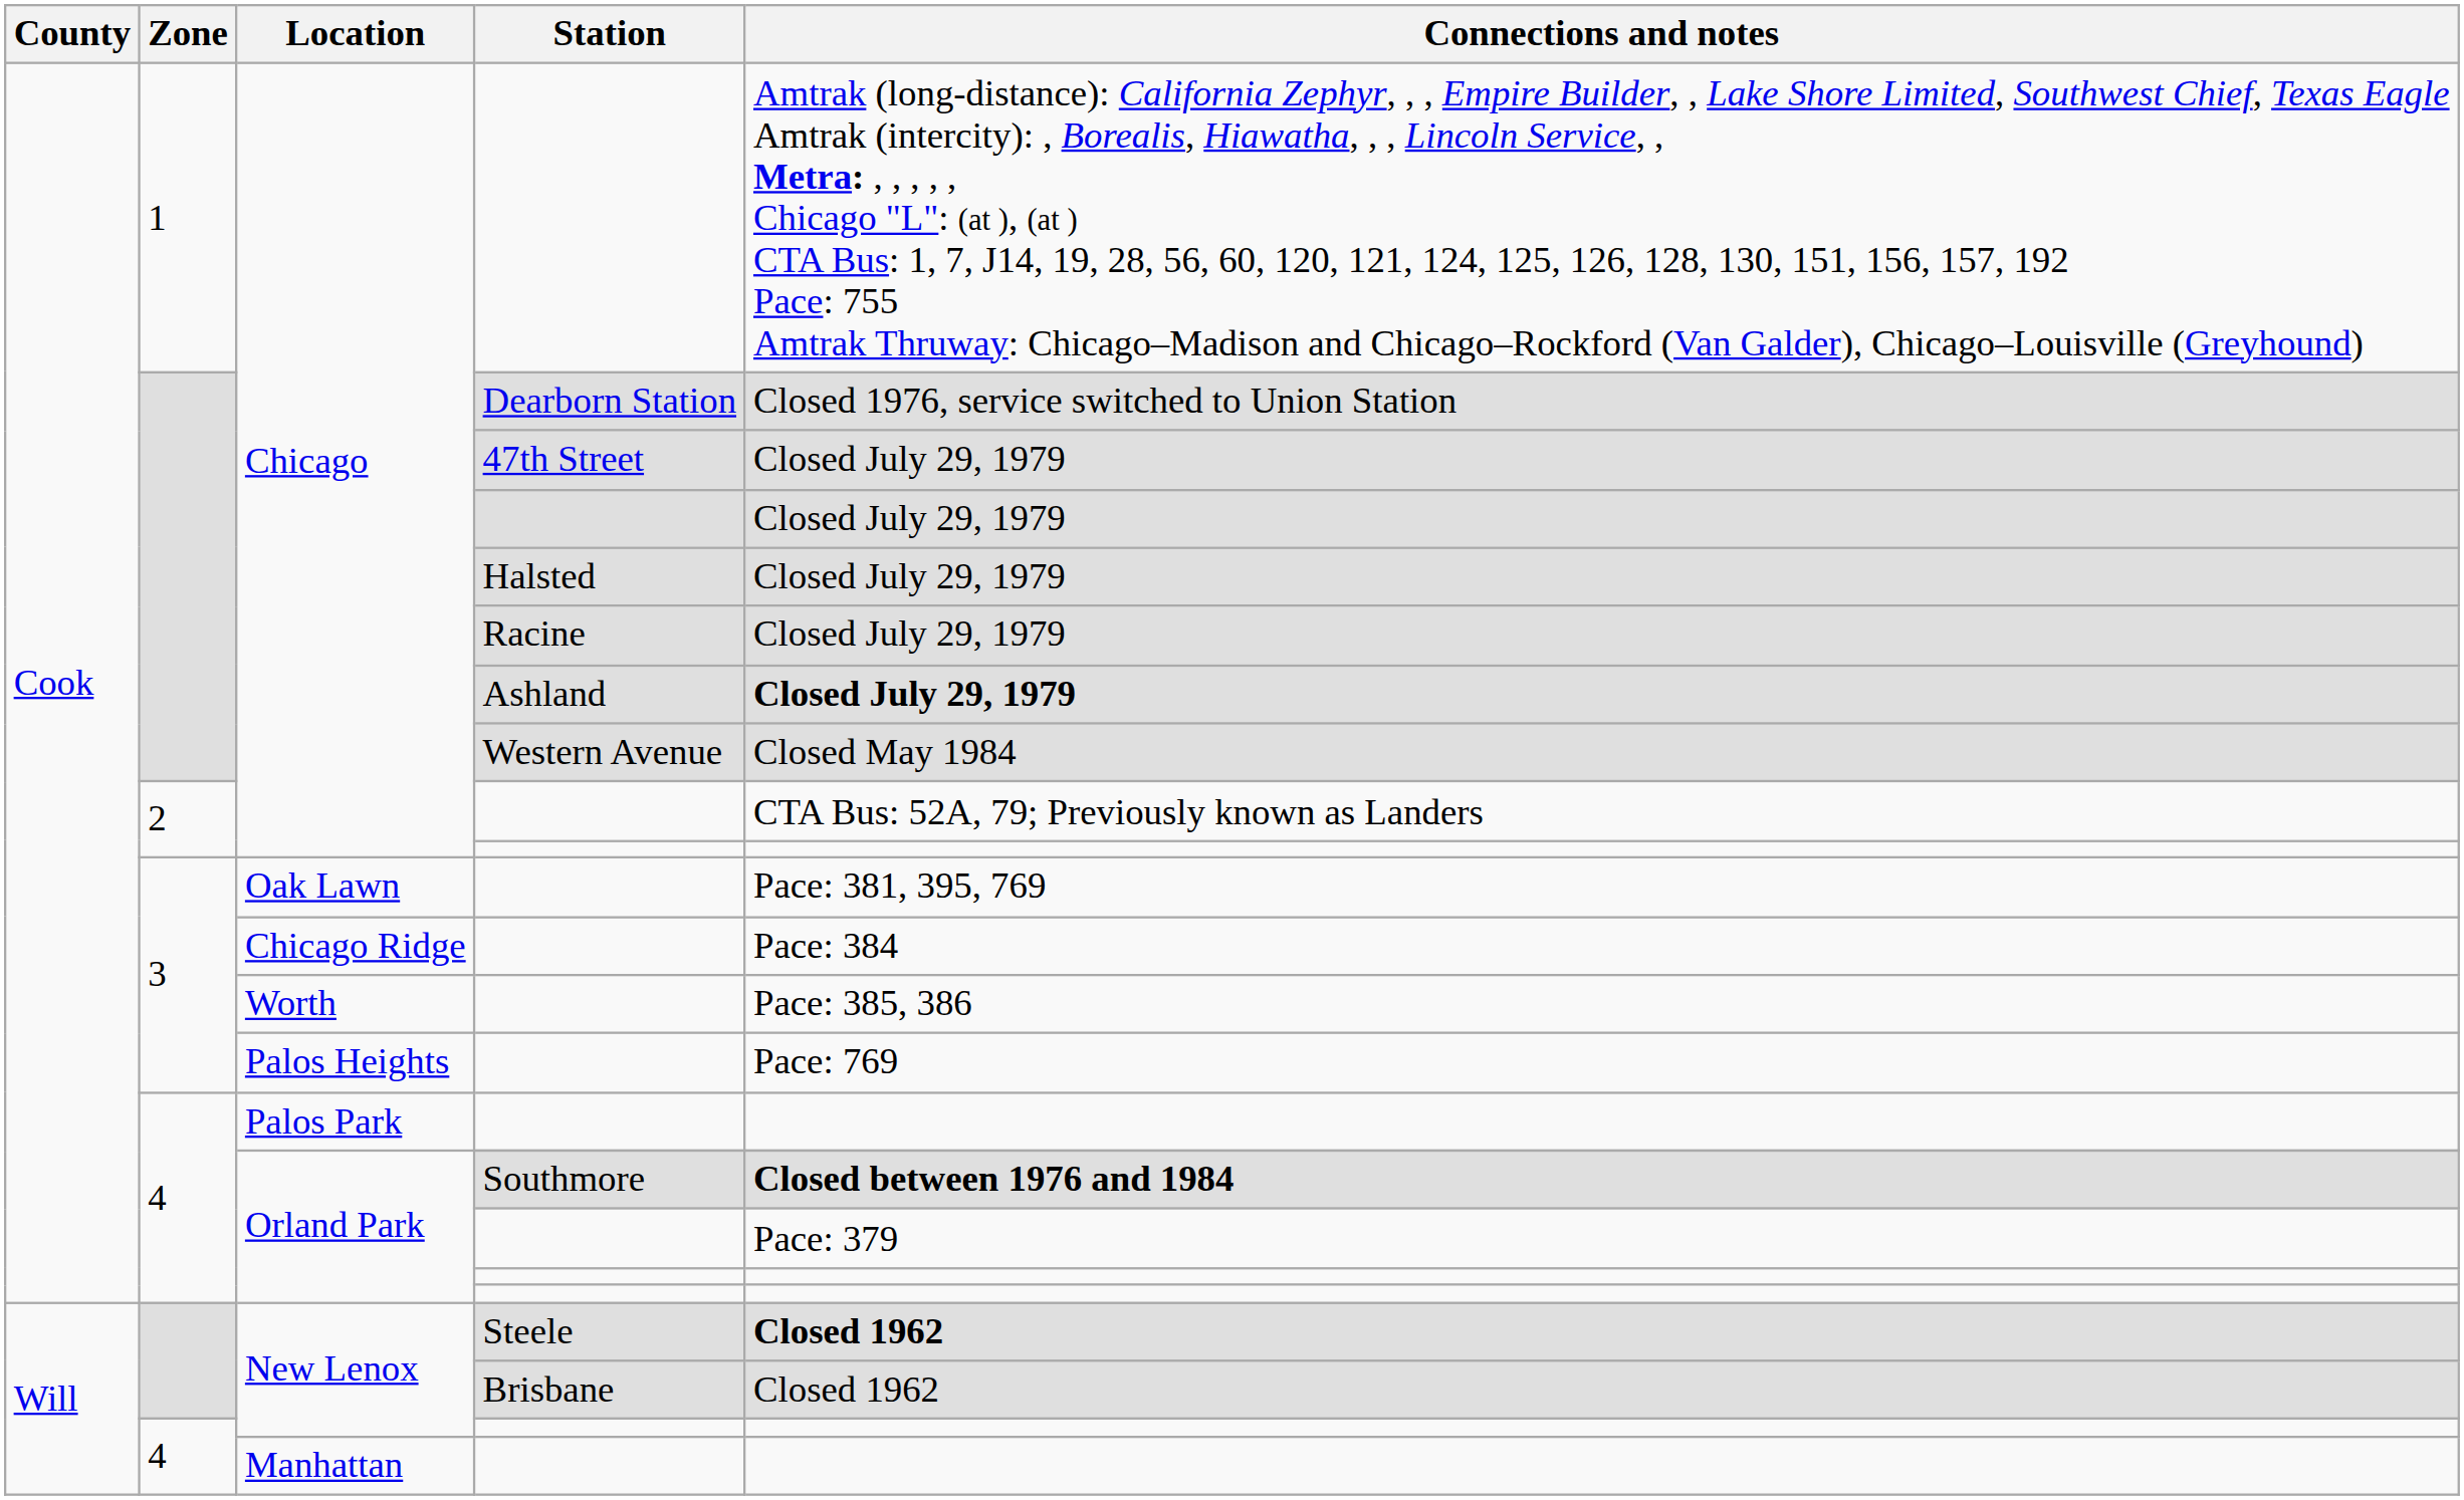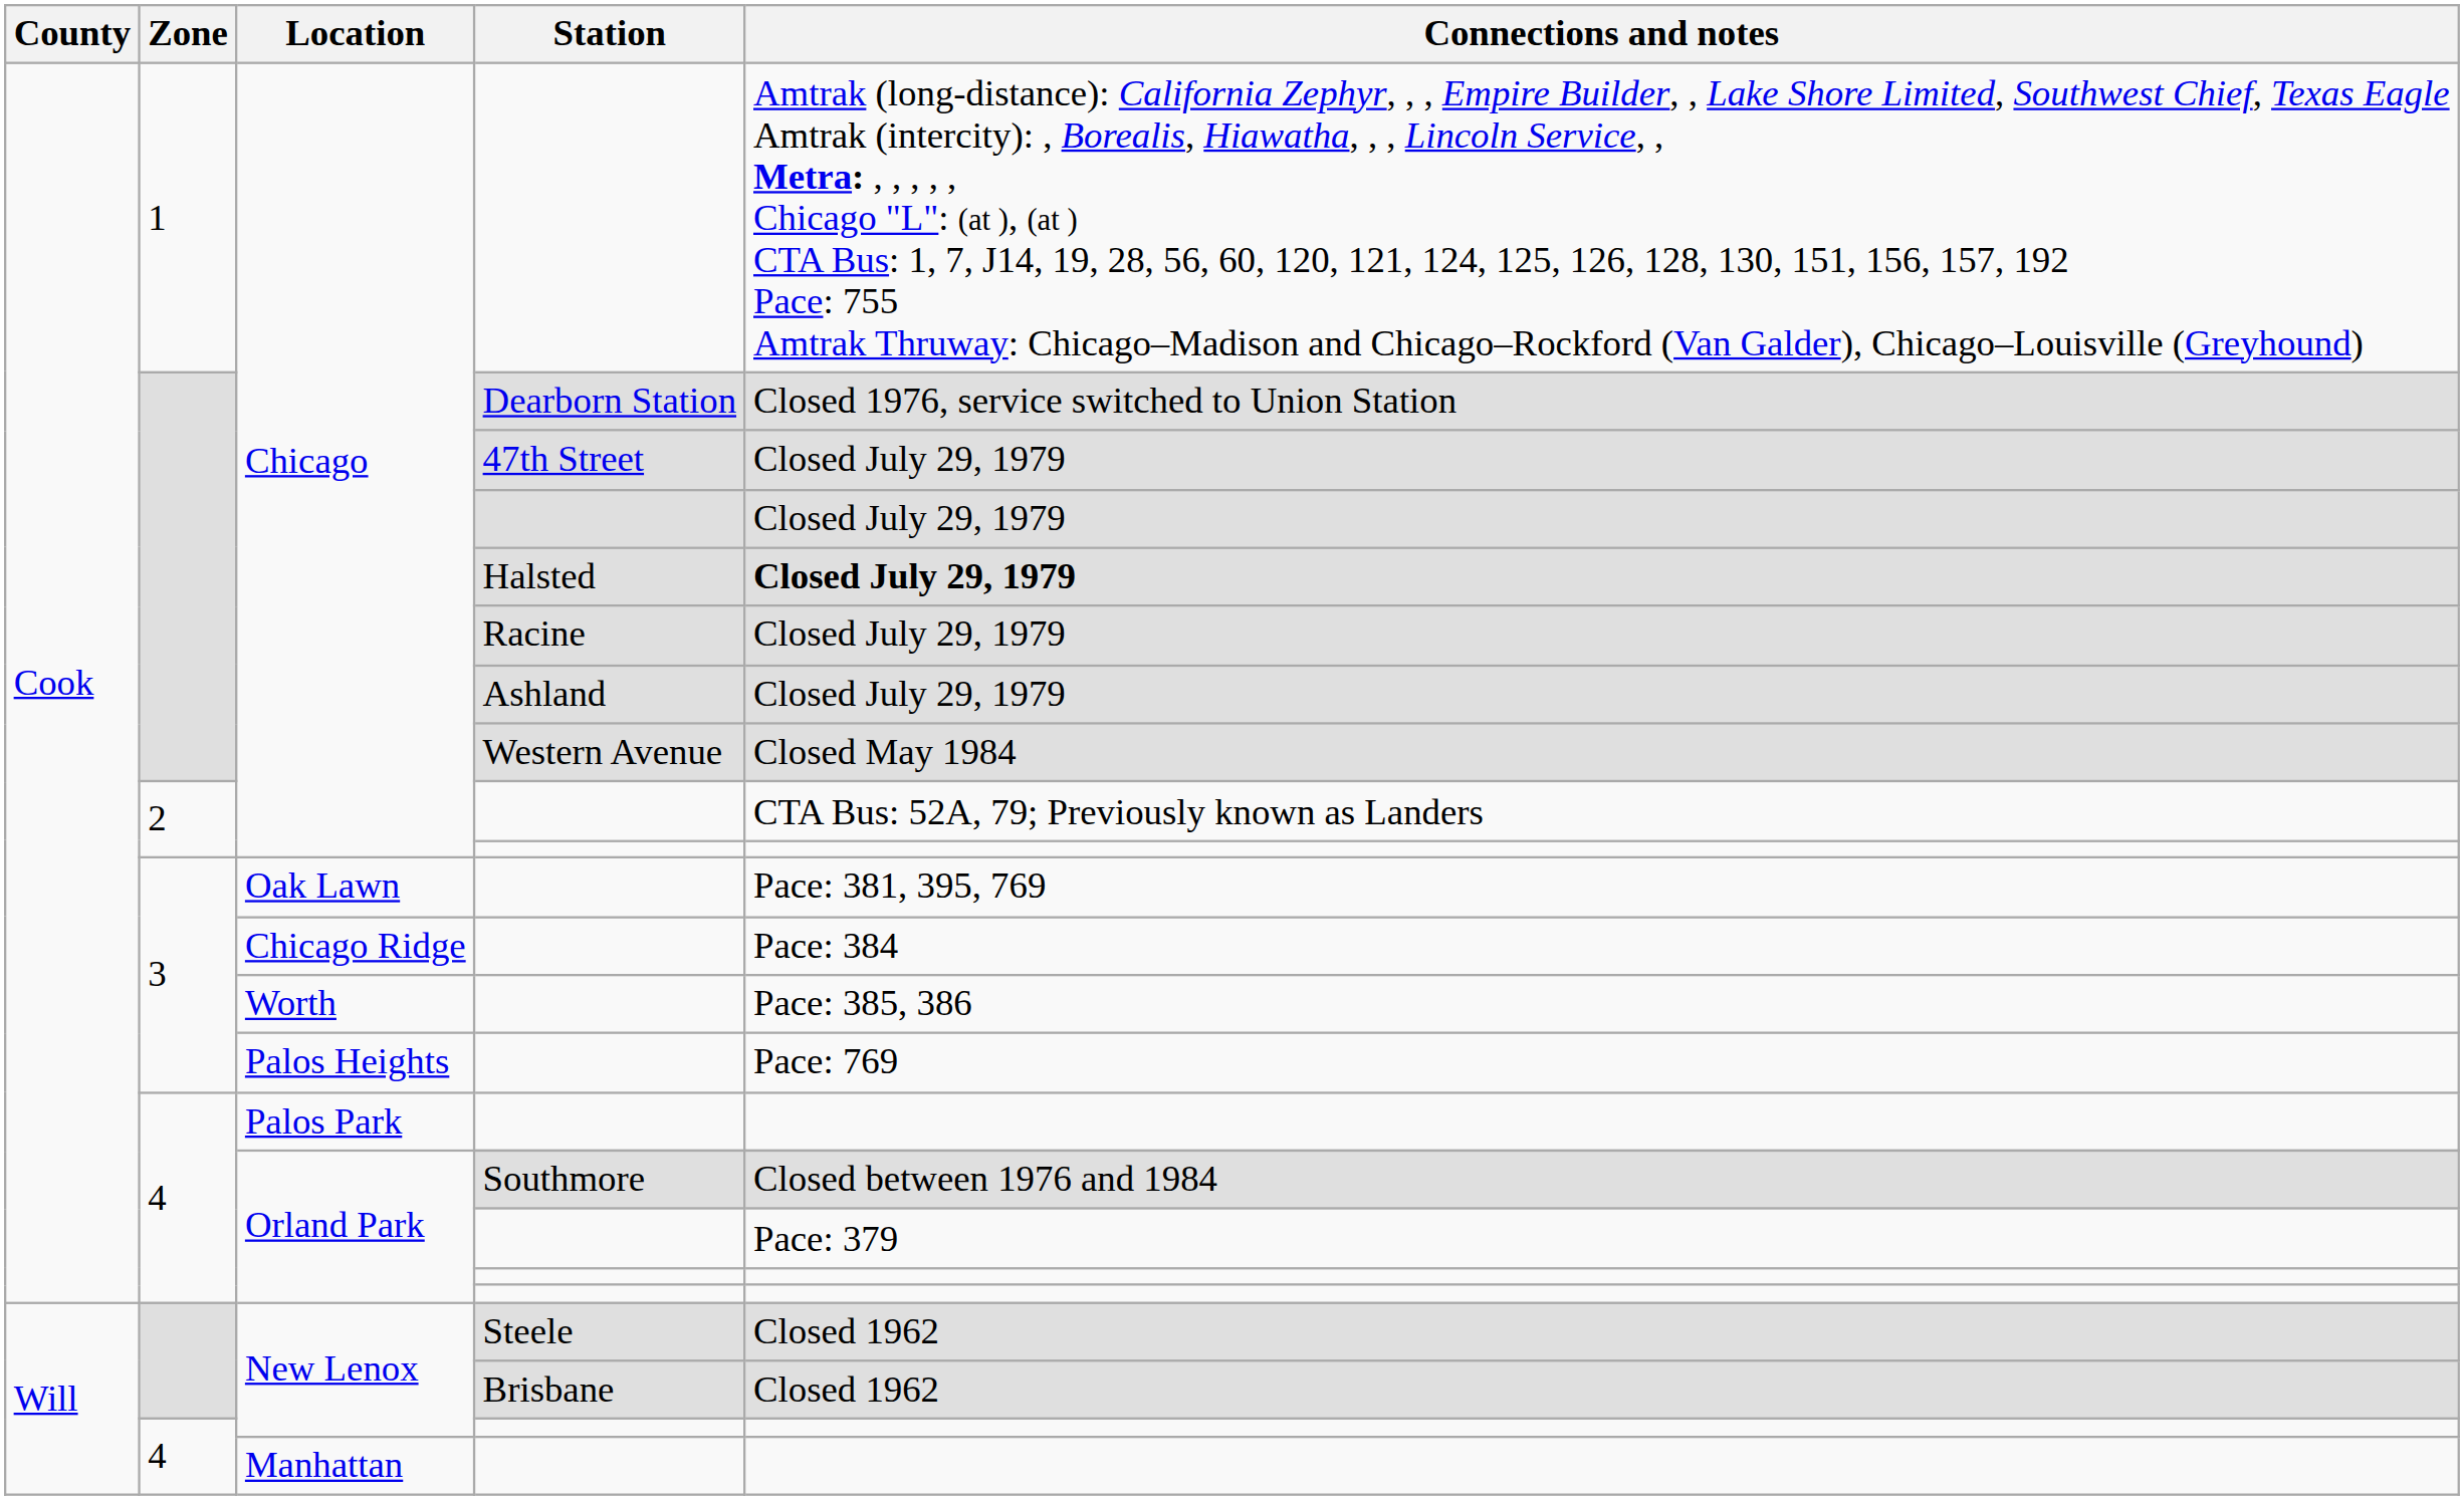 <table class="wikitable">
 <tr>
 <th>County</th>
 <th>Zone</th>
 <th>Location</th>
 <th>Station</th>
 <th>Connections and notes</th>
 </tr>
 <tr>
 <td rowspan=20><a href='#'>Cook</a></td>
 <td>1</td>
 <td rowspan=10><a href='#'>Chicago</a></td>
 <td></td>
 <td> <a href='#'>Amtrak</a> (long-distance): <em><a href='#'>California Zephyr</a></em>, , , <em><a href='#'>Empire Builder</a></em>, , <em><a href='#'>Lake Shore Limited</a></em>, <em><a href='#'>Southwest Chief</a></em>, <em><a href='#'>Texas Eagle</a></em><br> Amtrak (intercity): , <em><a href='#'>Borealis</a></em>, <em><a href='#'>Hiawatha</a></em>, , , <em><a href='#'>Lincoln Service</a></em>, , <br> <strong><a href='#'>Metra</a>:</strong> , , , , , <br> <a href='#'>Chicago "L"</a>:  <small>(at )</small>,     <small>(at )</small><br> <a href='#'>CTA Bus</a>: 1, 7, J14, 19, 28, 56, 60, 120, 121, 124, 125, 126, 128, 130, 151, 156, 157, 192<br> <a href='#'>Pace</a>: 755<br> <a href='#'>Amtrak Thruway</a>: Chicago–Madison and Chicago–Rockford (<a href='#'>Van Galder</a>), Chicago–Louisville (<a href='#'>Greyhound</a>)</td>
 </tr>
 <tr bgcolor=dfdfdf>
 <td rowspan=7> </td>
 <td><a href='#'>Dearborn Station</a></td>
 <td>Closed 1976, service switched to Union Station</td>
 </tr>
 <tr bgcolor=dfdfdf>
 <td><a href='#'>47th Street</a></td>
 <td>Closed July 29, 1979</td>
 </tr>
 <tr bgcolor=dfdfdf>
 <td> </td>
 <td>Closed July 29, 1979</td>
 </tr>
 <tr bgcolor=dfdfdf>
 <td>Halsted</td>
-<td>Closed July 29, 1979</td>
+<td><strong>Closed July 29, 1979</strong></td>
 </tr>
 <tr bgcolor=dfdfdf>
 <td>Racine</td>
 <td>Closed July 29, 1979</td>
 </tr>
 <tr bgcolor=dfdfdf>
 <td>Ashland</td>
-<td><strong>Closed July 29, 1979</strong></td>
+<td>Closed July 29, 1979</td>
 </tr>
 <tr bgcolor=dfdfdf>
 <td>Western Avenue</td>
 <td>Closed May 1984</td>
 </tr>
 <tr>
 <td rowspan=2>2</td>
 <td></td>
 <td> CTA Bus: 52A, 79; Previously known as Landers</td>
 </tr>
 <tr>
 <td></td>
 <td></td>
 </tr>
 <tr>
 <td rowspan=4>3</td>
 <td><a href='#'>Oak Lawn</a></td>
 <td></td>
 <td> Pace: 381, 395, 769</td>
 </tr>
 <tr>
 <td><a href='#'>Chicago Ridge</a></td>
 <td></td>
 <td> Pace: 384</td>
 </tr>
 <tr>
 <td><a href='#'>Worth</a></td>
 <td></td>
 <td> Pace: 385, 386</td>
 </tr>
 <tr>
 <td><a href='#'>Palos Heights</a></td>
 <td></td>
 <td> Pace: 769</td>
 </tr>
 <tr>
 <td rowspan=6>4</td>
 <td><a href='#'>Palos Park</a></td>
 <td></td>
 <td></td>
 </tr>
 <tr>
 <td rowspan=5><a href='#'>Orland Park</a></td>
 </tr>
 <tr bgcolor=dfdfdf>
 <td>Southmore </td>
-<td><strong>Closed between 1976 and 1984</strong></td>
+<td>Closed between 1976 and 1984</td>
 </tr>
 <tr>
 <td></td>
 <td> Pace: 379</td>
 </tr>
 <tr>
 <td></td>
 <td></td>
 </tr>
 <tr>
 <td></td>
 <td></td>
 </tr>
 <tr>
 <td rowspan=4><a href='#'>Will</a></td>
 <td bgcolor=dfdfdf rowspan=2> </td>
 <td rowspan=3><a href='#'>New Lenox</a></td>
 <td bgcolor=dfdfdf>Steele</td>
-<td bgcolor=dfdfdf><strong>Closed 1962</strong></td>
+<td bgcolor=dfdfdf>Closed 1962</td>
 </tr>
 <tr bgcolor=dfdfdf>
 <td>Brisbane</td>
 <td>Closed 1962</td>
 </tr>
 <tr>
 <td rowspan=2>4</td>
 <td></td>
 <td></td>
 </tr>
 <tr>
 <td><a href='#'>Manhattan</a></td>
 <td></td>
 <td></td>
 </tr>
 </table>
